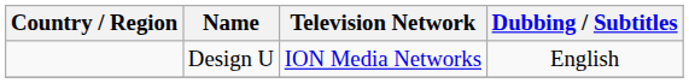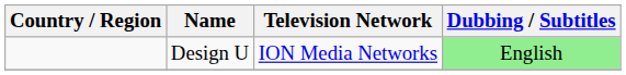 <table class="wikitable" style="text-align:center;">
 <tr>
 <th>Country / Region</th>
 <th>Name</th>
 <th>Television Network</th>
 <th><a href='#'>Dubbing</a> / <a href='#'>Subtitles</a></th>
 </tr>
 <tr>
 <td align="left"></td>
 <td>Design U</td>
 <td><a href='#'>ION Media Networks</a></td>
-<td>English</td>
+<td style="background: lightgreen;">English</td>
 </tr>
 <tr>
 </tr>
 </table>
